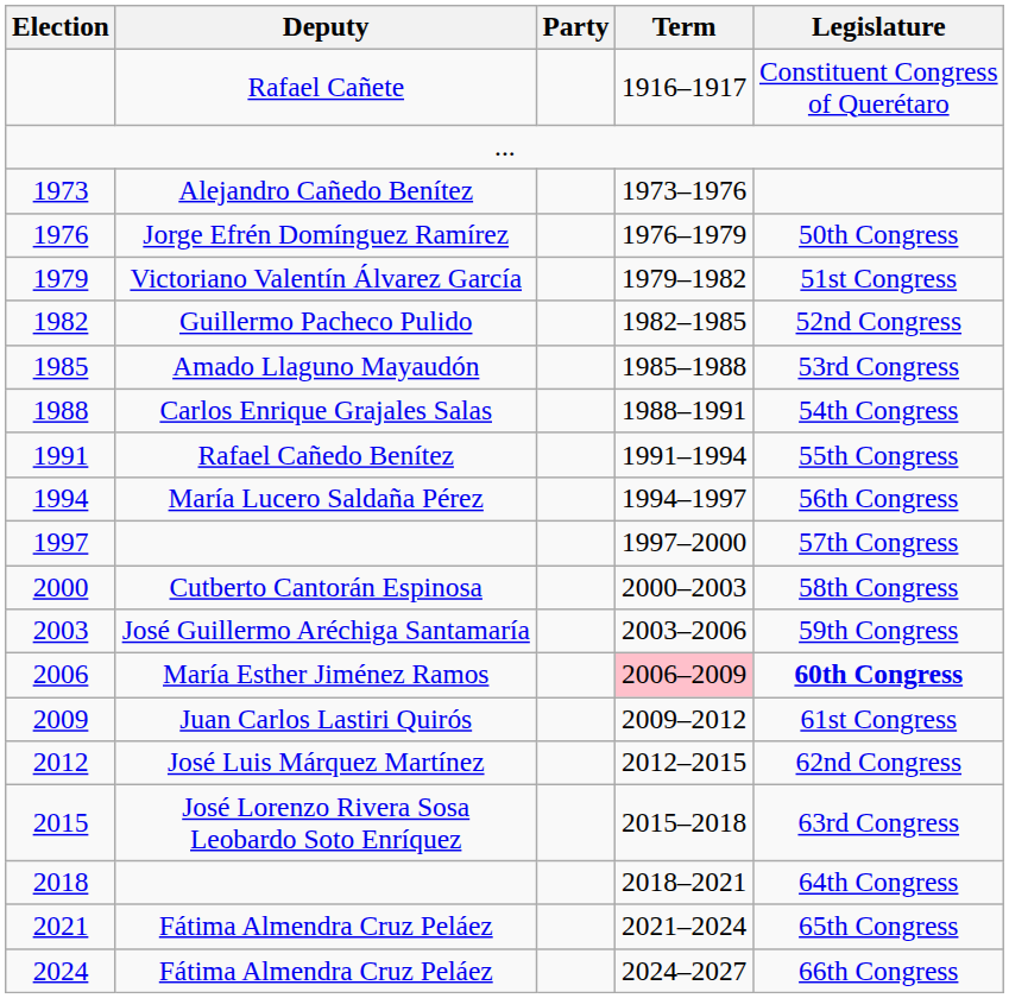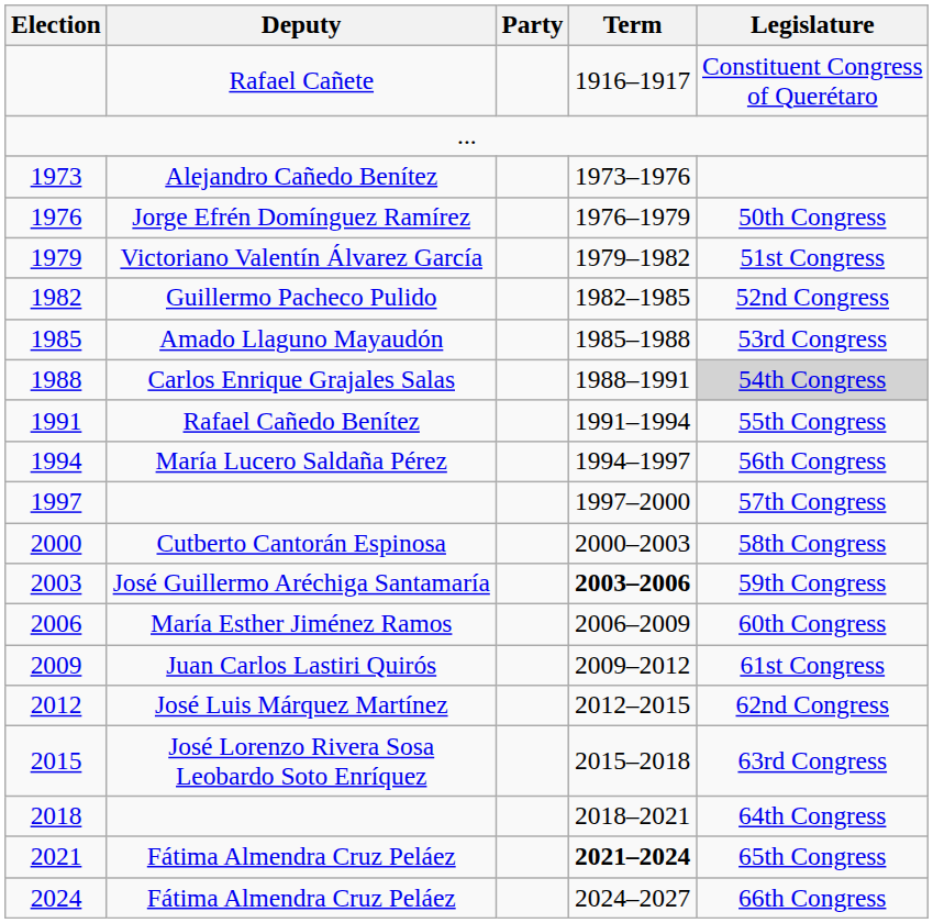 <table class="wikitable sortable" style="text-align: center">
 <tr>
 <th>Election</th>
 <th class="unsortable">Deputy</th>
 <th class="unsortable">Party</th>
 <th class="unsortable">Term</th>
 <th class="unsortable">Legislature</th>
 </tr>
 <tr>
 <td></td>
 <td><a href='#'>Rafael Cañete</a></td>
 <td></td>
 <td>1916–1917</td>
 <td><a href='#'>Constituent Congress<br>of Querétaro</a></td>
 </tr>
 <tr>
 <td colspan=6> ...</td>
 </tr>
 <tr>
 <td><a href='#'>1973</a></td>
 <td><a href='#'>Alejandro Cañedo Benítez</a></td>
 <td></td>
 <td>1973–1976</td>
 <td></td>
 </tr>
 <tr>
 <td><a href='#'>1976</a></td>
 <td><a href='#'>Jorge Efrén Domínguez Ramírez</a></td>
 <td></td>
 <td>1976–1979</td>
 <td><a href='#'>50th Congress</a></td>
 </tr>
 <tr>
 <td><a href='#'>1979</a></td>
 <td><a href='#'>Victoriano Valentín Álvarez García</a></td>
 <td></td>
 <td>1979–1982</td>
 <td><a href='#'>51st Congress</a></td>
 </tr>
 <tr>
 <td><a href='#'>1982</a></td>
 <td><a href='#'>Guillermo Pacheco Pulido</a></td>
 <td></td>
 <td>1982–1985</td>
 <td><a href='#'>52nd Congress</a></td>
 </tr>
 <tr>
 <td><a href='#'>1985</a></td>
 <td><a href='#'>Amado Llaguno Mayaudón</a></td>
 <td></td>
 <td>1985–1988</td>
 <td><a href='#'>53rd Congress</a></td>
 </tr>
 <tr>
 <td><a href='#'>1988</a></td>
 <td><a href='#'>Carlos Enrique Grajales Salas</a></td>
 <td></td>
 <td>1988–1991</td>
-<td><a href='#'>54th Congress</a></td>
+<td style="background: lightgrey;"><a href='#'>54th Congress</a></td>
 </tr>
 <tr>
 <td><a href='#'>1991</a></td>
 <td><a href='#'>Rafael Cañedo Benítez</a></td>
 <td></td>
 <td>1991–1994</td>
 <td><a href='#'>55th Congress</a></td>
 </tr>
 <tr>
 <td><a href='#'>1994</a></td>
 <td><a href='#'>María Lucero Saldaña Pérez</a></td>
 <td></td>
 <td>1994–1997</td>
 <td><a href='#'>56th Congress</a></td>
 </tr>
 <tr>
 <td><a href='#'>1997</a></td>
 <td></td>
 <td></td>
 <td>1997–2000</td>
 <td><a href='#'>57th Congress</a></td>
 </tr>
 <tr>
 <td><a href='#'>2000</a></td>
 <td><a href='#'>Cutberto Cantorán Espinosa</a></td>
 <td></td>
 <td>2000–2003</td>
 <td><a href='#'>58th Congress</a></td>
 </tr>
 <tr>
 <td><a href='#'>2003</a></td>
 <td><a href='#'>José Guillermo Aréchiga Santamaría</a></td>
 <td></td>
-<td>2003–2006</td>
+<td><strong>2003–2006</strong></td>
 <td><a href='#'>59th Congress</a></td>
 </tr>
 <tr>
 <td><a href='#'>2006</a></td>
 <td><a href='#'>María Esther Jiménez Ramos</a></td>
 <td></td>
-<td style="background: pink;">2006–2009</td>
-<td><strong><a href='#'>60th Congress</a></strong></td>
+<td>2006–2009</td>
+<td><a href='#'>60th Congress</a></td>
 </tr>
 <tr>
 <td><a href='#'>2009</a></td>
 <td><a href='#'>Juan Carlos Lastiri Quirós</a></td>
 <td></td>
 <td>2009–2012</td>
 <td><a href='#'>61st Congress</a></td>
 </tr>
 <tr>
 <td><a href='#'>2012</a></td>
 <td><a href='#'>José Luis Márquez Martínez</a></td>
 <td></td>
 <td>2012–2015</td>
 <td><a href='#'>62nd Congress</a></td>
 </tr>
 <tr>
 <td><a href='#'>2015</a></td>
 <td><a href='#'>José Lorenzo Rivera Sosa</a><br><a href='#'>Leobardo Soto Enríquez</a></td>
 <td></td>
 <td>2015–2018</td>
 <td><a href='#'>63rd Congress</a></td>
 </tr>
 <tr>
 <td><a href='#'>2018</a></td>
 <td></td>
 <td> </td>
 <td>2018–2021</td>
 <td><a href='#'>64th Congress</a></td>
 </tr>
 <tr>
 <td><a href='#'>2021</a></td>
 <td><a href='#'>Fátima Almendra Cruz Peláez</a></td>
 <td></td>
-<td>2021–2024</td>
+<td><strong>2021–2024</strong></td>
 <td><a href='#'>65th Congress</a></td>
 </tr>
 <tr>
 <td><a href='#'>2024</a></td>
 <td><a href='#'>Fátima Almendra Cruz Peláez</a></td>
 <td></td>
 <td>2024–2027</td>
 <td><a href='#'>66th Congress</a></td>
 </tr>
 </table>
